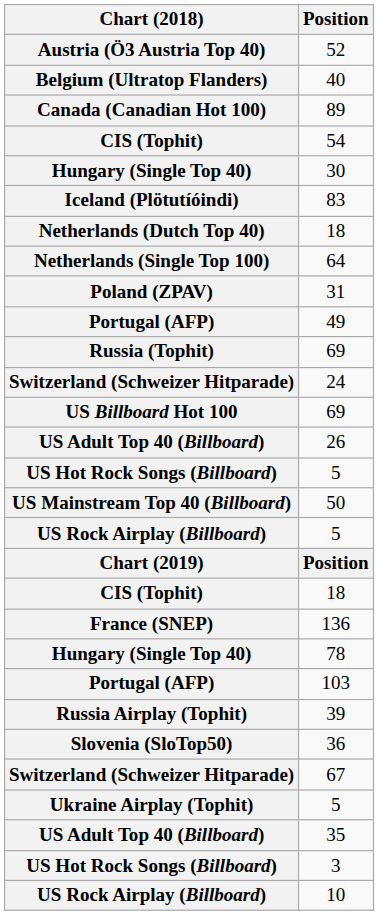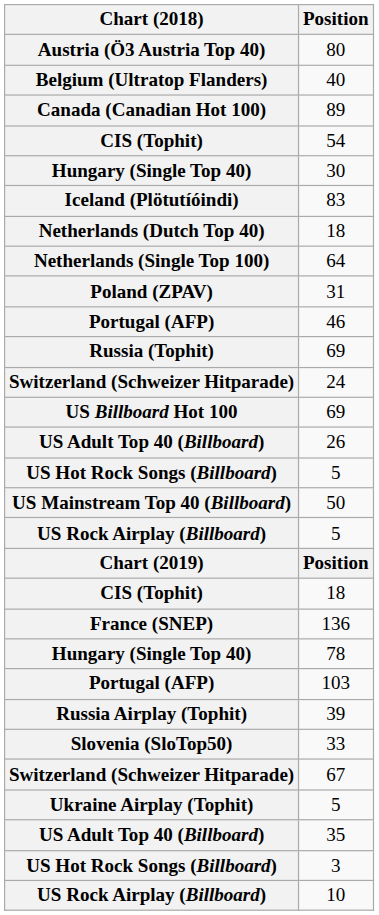 <table class="wikitable sortable plainrowheaders" style="text-align:center">
 <tr>
 <th scope="col">Chart (2018)</th>
 <th scope="col">Position</th>
 </tr>
 <tr>
 <th scope="row">Austria (Ö3 Austria Top 40)</th>
-<td>52</td>
+<td>80</td>
 </tr>
 <tr>
 <th scope="row">Belgium (Ultratop Flanders)</th>
 <td>40</td>
 </tr>
 <tr>
 <th scope="row">Canada (Canadian Hot 100)</th>
 <td>89</td>
 </tr>
 <tr>
 <th scope="row">CIS (Tophit)</th>
 <td>54</td>
 </tr>
 <tr>
 <th scope="row">Hungary (Single Top 40)</th>
 <td>30</td>
 </tr>
 <tr>
 <th scope="row">Iceland (Plötutíóindi)</th>
 <td>83</td>
 </tr>
 <tr>
 <th scope="row">Netherlands (Dutch Top 40)</th>
 <td>18</td>
 </tr>
 <tr>
 <th scope="row">Netherlands (Single Top 100)</th>
 <td>64</td>
 </tr>
 <tr>
 <th scope="row">Poland (ZPAV)</th>
 <td>31</td>
 </tr>
 <tr>
 <th scope="row">Portugal (AFP)</th>
-<td>49</td>
+<td>46</td>
 </tr>
 <tr>
 <th scope="row">Russia (Tophit)</th>
 <td>69</td>
 </tr>
 <tr>
 <th scope="row">Switzerland (Schweizer Hitparade)</th>
 <td>24</td>
 </tr>
 <tr>
 <th scope="row">US <em>Billboard</em> Hot 100</th>
 <td>69</td>
 </tr>
 <tr>
 <th scope="row">US Adult Top 40 (<em>Billboard</em>)</th>
 <td>26</td>
 </tr>
 <tr>
 <th scope="row">US Hot Rock Songs (<em>Billboard</em>)</th>
 <td>5</td>
 </tr>
 <tr>
 <th scope="row">US Mainstream Top 40 (<em>Billboard</em>)</th>
 <td>50</td>
 </tr>
 <tr>
 <th scope="row">US Rock Airplay (<em>Billboard</em>)</th>
 <td>5</td>
 </tr>
 <tr>
 <th scope="col">Chart (2019)</th>
 <th scope="col">Position</th>
 </tr>
 <tr>
 <th scope="row">CIS (Tophit)</th>
 <td>18</td>
 </tr>
 <tr>
 <th scope="row">France (SNEP)</th>
 <td>136</td>
 </tr>
 <tr>
 <th scope="row">Hungary (Single Top 40)</th>
 <td>78</td>
 </tr>
 <tr>
 <th scope="row">Portugal (AFP)</th>
 <td>103</td>
 </tr>
 <tr>
 <th scope="row">Russia Airplay (Tophit)</th>
 <td>39</td>
 </tr>
 <tr>
 <th scope="row">Slovenia (SloTop50)</th>
-<td>36</td>
+<td>33</td>
 </tr>
 <tr>
 <th scope="row">Switzerland (Schweizer Hitparade)</th>
 <td>67</td>
 </tr>
 <tr>
 <th scope="row">Ukraine Airplay (Tophit)</th>
 <td>5</td>
 </tr>
 <tr>
 <th scope="row">US Adult Top 40 (<em>Billboard</em>)</th>
 <td>35</td>
 </tr>
 <tr>
 <th scope="row">US Hot Rock Songs (<em>Billboard</em>)</th>
 <td>3</td>
 </tr>
 <tr>
 <th scope="row">US Rock Airplay (<em>Billboard</em>)</th>
 <td>10</td>
 </tr>
 </table>
